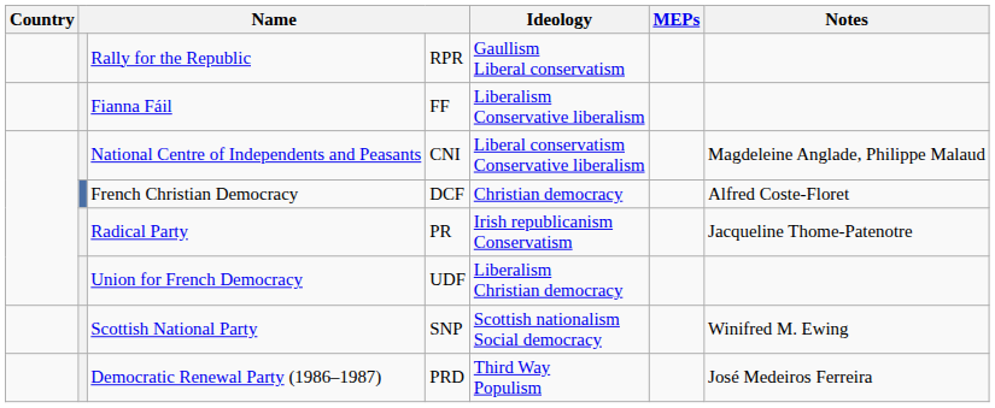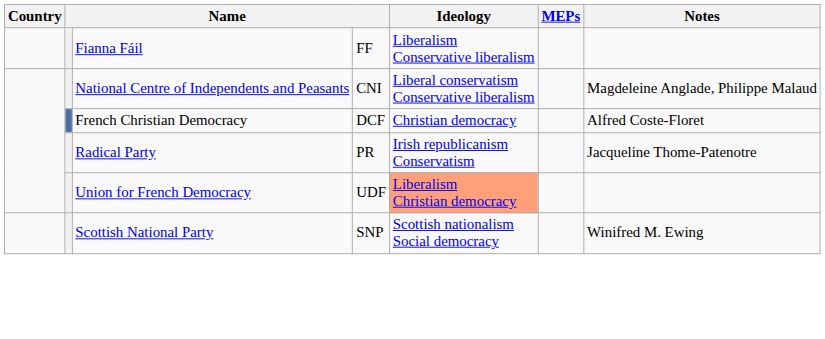 <table class="wikitable">
 <tr>
 <th>Country</th>
 <th colspan="3">Name</th>
 <th>Ideology</th>
 <th><a href='#'>MEPs</a></th>
 <th>Notes</th>
-</tr>
-<tr>
-<td></td>
-<th style="background:"></th>
-<td><a href='#'>Rally for the Republic</a></td>
-<td>RPR</td>
-<td><a href='#'>Gaullism</a><br><a href='#'>Liberal conservatism</a></td>
-<td></td>
-<td></td>
 </tr>
 <tr>
 <td></td>
 <th style="background:"></th>
 <td><a href='#'>Fianna Fáil</a></td>
 <td>FF</td>
 <td><a href='#'>Liberalism</a><br><a href='#'>Conservative liberalism</a></td>
 <td></td>
 <td></td>
 </tr>
 <tr>
 <td rowspan="4"></td>
 <th style="background:"></th>
 <td><a href='#'>National Centre of Independents and Peasants</a></td>
 <td>CNI</td>
 <td><a href='#'>Liberal conservatism</a><br><a href='#'>Conservative liberalism</a></td>
 <td></td>
 <td>Magdeleine Anglade, Philippe Malaud</td>
 </tr>
 <tr>
 <th style="background:#4A6FA5"></th>
 <td>French Christian Democracy</td>
 <td>DCF</td>
 <td><a href='#'>Christian democracy</a></td>
 <td></td>
 <td>Alfred Coste-Floret</td>
 </tr>
 <tr>
 <th style="background:"></th>
 <td><a href='#'>Radical Party</a></td>
 <td>PR</td>
 <td><a href='#'>Irish republicanism</a><br><a href='#'>Conservatism</a></td>
 <td></td>
 <td>Jacqueline Thome-Patenotre</td>
 </tr>
 <tr>
 <th style="background:"></th>
 <td><a href='#'>Union for French Democracy</a></td>
 <td>UDF</td>
-<td><a href='#'>Liberalism</a><br><a href='#'>Christian democracy</a></td>
+<td style="background: lightsalmon;"><a href='#'>Liberalism</a><br><a href='#'>Christian democracy</a></td>
 <td></td>
 <td></td>
 </tr>
 <tr>
 <td></td>
 <th style="background:"></th>
 <td><a href='#'>Scottish National Party</a></td>
 <td>SNP</td>
 <td><a href='#'>Scottish nationalism</a><br><a href='#'>Social democracy</a></td>
 <td></td>
 <td>Winifred M. Ewing</td>
 </tr>
-<tr>
-<td></td>
-<th style="background:"></th>
-<td><a href='#'>Democratic Renewal Party</a> (1986–1987)</td>
-<td>PRD</td>
-<td><a href='#'>Third Way</a><br><a href='#'>Populism</a></td>
-<td></td>
-<td>José Medeiros Ferreira</td>
-</tr>
 </table>
